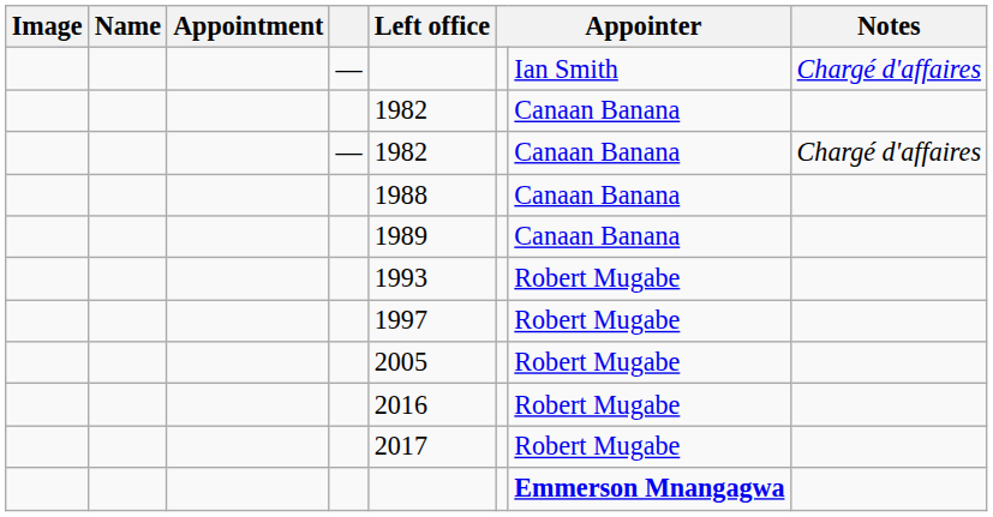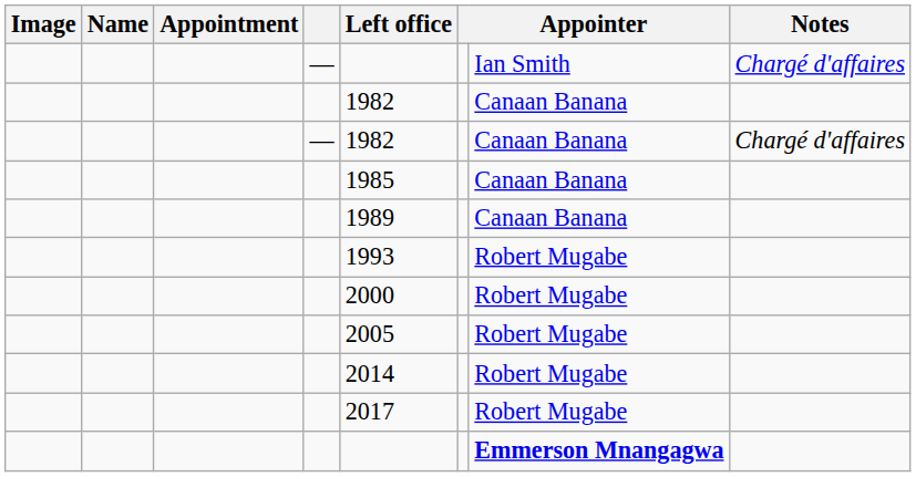 <table class="wikitable sortable"  text-align:center;">
 <tr>
 <th class="unsortable">Image</th>
 <th>Name</th>
 <th>Appointment</th>
 <th></th>
 <th>Left office</th>
 <th colspan="2">Appointer</th>
 <th class="unsortable">Notes</th>
 </tr>
 <tr>
 <td></td>
 <td></td>
 <td></td>
 <td>—</td>
 <td></td>
 <td></td>
 <td><a href='#'>Ian Smith</a></td>
 <td><em><a href='#'>Chargé d'affaires</a></em></td>
 </tr>
 <tr>
 <td></td>
 <td></td>
 <td></td>
 <td></td>
 <td>1982</td>
 <td></td>
 <td><a href='#'>Canaan Banana</a></td>
 <td></td>
 </tr>
 <tr>
 <td></td>
 <td><em></em></td>
 <td></td>
 <td>—</td>
 <td>1982</td>
 <td></td>
 <td><a href='#'>Canaan Banana</a></td>
 <td><em>Chargé d'affaires</em></td>
 </tr>
 <tr>
 <td></td>
 <td></td>
 <td></td>
 <td></td>
-<td>1988</td>
+<td>1985</td>
 <td></td>
 <td><a href='#'>Canaan Banana</a></td>
 <td></td>
 </tr>
 <tr>
 <td></td>
 <td></td>
 <td></td>
 <td></td>
 <td>1989</td>
 <td></td>
 <td><a href='#'>Canaan Banana</a></td>
 <td></td>
 </tr>
 <tr>
 <td></td>
 <td></td>
 <td></td>
 <td></td>
 <td>1993</td>
 <td></td>
 <td><a href='#'>Robert Mugabe</a></td>
 <td></td>
 </tr>
 <tr>
 <td></td>
 <td></td>
 <td></td>
 <td></td>
-<td>1997</td>
+<td>2000</td>
 <td></td>
 <td><a href='#'>Robert Mugabe</a></td>
 <td></td>
 </tr>
 <tr>
 <td></td>
 <td></td>
 <td></td>
 <td></td>
 <td>2005</td>
 <td></td>
 <td><a href='#'>Robert Mugabe</a></td>
 <td></td>
 </tr>
 <tr>
 <td></td>
 <td></td>
 <td></td>
 <td></td>
-<td>2016</td>
+<td>2014</td>
 <td></td>
 <td><a href='#'>Robert Mugabe</a></td>
 <td></td>
 </tr>
 <tr>
 <td></td>
 <td></td>
 <td></td>
 <td></td>
 <td>2017</td>
 <td></td>
 <td><a href='#'>Robert Mugabe</a></td>
 <td></td>
 </tr>
 <tr>
 <td></td>
 <td></td>
 <td></td>
 <td></td>
 <td></td>
 <td></td>
 <td><strong><a href='#'>Emmerson Mnangagwa</a></strong></td>
 <td></td>
 </tr>
 </table>
